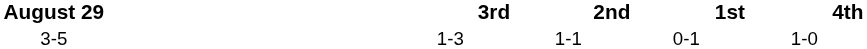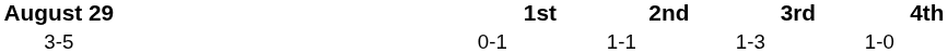 <table width=60% cellspacing=1>
 <tr>
 <th width=20%></th>
 <th width=12%>August 29</th>
 <th width=20%></th>
+<th width=8%>1st</th>
+<th width=8%>2nd</th>
 <th width=8%>3rd</th>
-<th width=8%>2nd</th>
-<th width=8%>1st</th>
 <th width=8%>4th</th>
 </tr>
 <tr style=font-size:90%>
 <td align=right></td>
 <td align=center>3-5</td>
 <td><strong></strong></td>
+<td>0-1</td>
+<td>1-1</td>
 <td>1-3</td>
-<td>1-1</td>
-<td>0-1</td>
 <td>1-0</td>
 </tr>
 </table>
